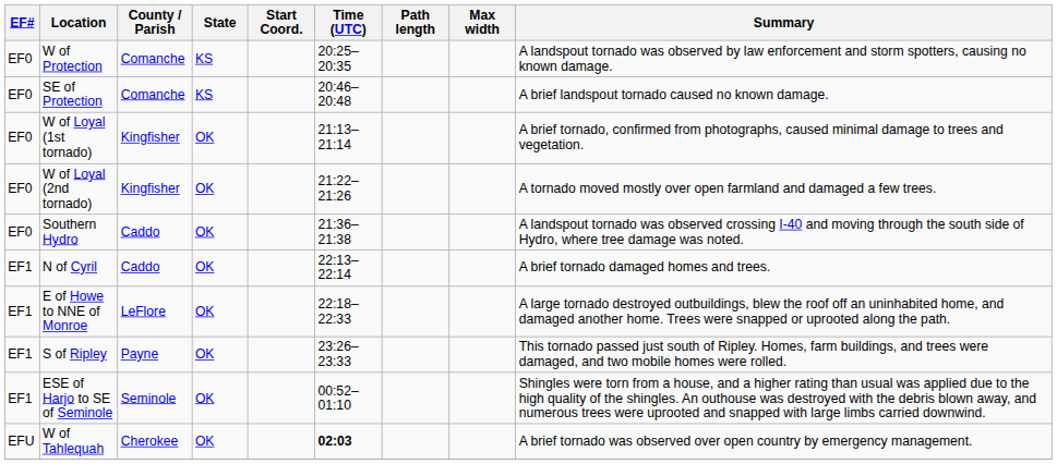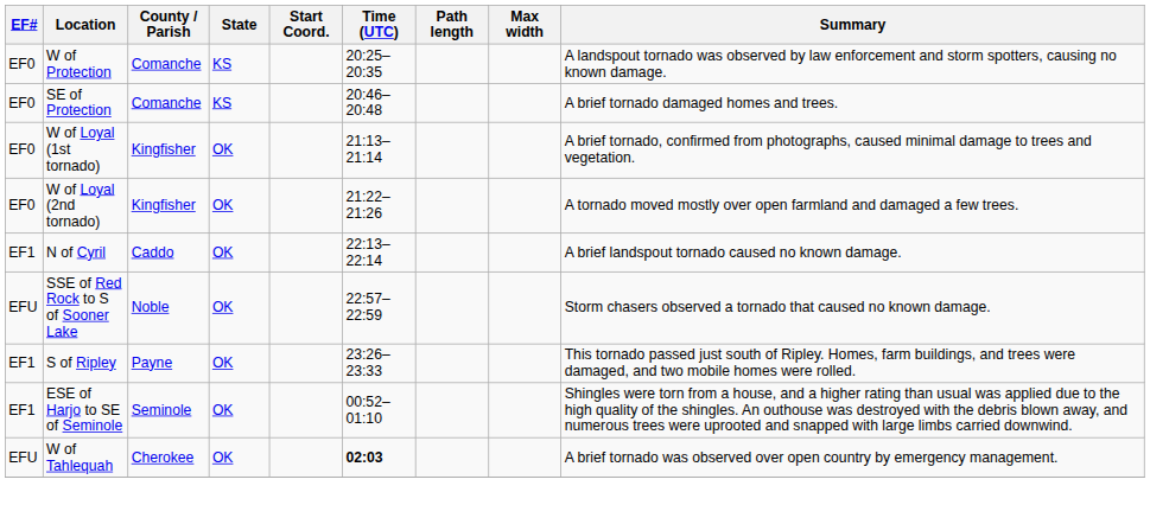 <table class="wikitable sortable" style="width:100%;">
 <tr>
 <th scope="col"  style="width:3%; text-align:center;"><a href='#'>EF#</a></th>
 <th scope="col"  style="width:7%; text-align:center;" class="unsortable">Location</th>
 <th scope="col"  style="width:6%; text-align:center;" class="unsortable">County / Parish</th>
 <th scope="col"  style="width:5%; text-align:center;">State</th>
 <th scope="col"  style="width:6%; text-align:center;">Start Coord.</th>
 <th scope="col"  style="width:6%; text-align:center;">Time (<a href='#'>UTC</a>)</th>
 <th scope="col"  style="width:6%; text-align:center;">Path length</th>
 <th scope="col"  style="width:6%; text-align:center;">Max width</th>
 <th scope="col" class="unsortable" style="width:48%; text-align:center;">Summary</th>
 </tr>
 <tr>
 <td>EF0</td>
 <td>W of <a href='#'>Protection</a></td>
 <td><a href='#'>Comanche</a></td>
 <td><a href='#'>KS</a></td>
 <td></td>
 <td>20:25–20:35</td>
 <td></td>
 <td></td>
 <td>A landspout tornado was observed by law enforcement and storm spotters, causing no known damage.</td>
 </tr>
 <tr>
 <td>EF0</td>
 <td>SE of <a href='#'>Protection</a></td>
 <td><a href='#'>Comanche</a></td>
 <td><a href='#'>KS</a></td>
 <td></td>
 <td>20:46–20:48</td>
 <td></td>
 <td></td>
-<td>A brief landspout tornado caused no known damage.</td>
+<td>A brief tornado damaged homes and trees.</td>
 </tr>
 <tr>
 <td>EF0</td>
 <td>W of <a href='#'>Loyal</a> (1st tornado)</td>
 <td><a href='#'>Kingfisher</a></td>
 <td><a href='#'>OK</a></td>
 <td></td>
 <td>21:13–21:14</td>
 <td></td>
 <td></td>
 <td>A brief tornado, confirmed from photographs, caused minimal damage to trees and vegetation.</td>
 </tr>
 <tr>
 <td>EF0</td>
 <td>W of <a href='#'>Loyal</a> (2nd tornado)</td>
 <td><a href='#'>Kingfisher</a></td>
 <td><a href='#'>OK</a></td>
 <td></td>
 <td>21:22–21:26</td>
 <td></td>
 <td></td>
 <td>A tornado moved mostly over open farmland and damaged a few trees.</td>
 </tr>
 <tr>
-<td>EF0</td>
-<td>Southern <a href='#'>Hydro</a></td>
-<td><a href='#'>Caddo</a></td>
-<td><a href='#'>OK</a></td>
-<td></td>
-<td>21:36–21:38</td>
-<td></td>
-<td></td>
-<td>A landspout tornado was observed crossing <a href='#'>I-40</a> and moving through the south side of Hydro, where tree damage was noted.</td>
-</tr>
-<tr>
 <td>EF1</td>
 <td>N of <a href='#'>Cyril</a></td>
 <td><a href='#'>Caddo</a></td>
 <td><a href='#'>OK</a></td>
 <td></td>
 <td>22:13–22:14</td>
 <td></td>
 <td></td>
-<td>A brief tornado damaged homes and trees.</td>
+<td>A brief landspout tornado caused no known damage.</td>
 </tr>
 <tr>
-<td>EF1</td>
-<td>E of <a href='#'>Howe</a> to NNE of <a href='#'>Monroe</a></td>
-<td><a href='#'>LeFlore</a></td>
+<td>EFU</td>
+<td>SSE of <a href='#'>Red Rock</a> to S of <a href='#'>Sooner Lake</a></td>
+<td><a href='#'>Noble</a></td>
 <td><a href='#'>OK</a></td>
 <td></td>
-<td>22:18–22:33</td>
+<td>22:57–22:59</td>
 <td></td>
 <td></td>
-<td>A large tornado destroyed outbuildings, blew the roof off an uninhabited home, and damaged another home. Trees were snapped or uprooted along the path.</td>
+<td>Storm chasers observed a tornado that caused no known damage.</td>
 </tr>
 <tr>
 <td>EF1</td>
 <td>S of <a href='#'>Ripley</a></td>
 <td><a href='#'>Payne</a></td>
 <td><a href='#'>OK</a></td>
 <td></td>
 <td>23:26–23:33</td>
 <td></td>
 <td></td>
 <td>This tornado passed just south of Ripley. Homes, farm buildings, and trees were damaged, and two mobile homes were rolled.</td>
 </tr>
 <tr>
 <td>EF1</td>
 <td>ESE of <a href='#'>Harjo</a> to SE of <a href='#'>Seminole</a></td>
 <td><a href='#'>Seminole</a></td>
 <td><a href='#'>OK</a></td>
 <td></td>
 <td>00:52–01:10</td>
 <td></td>
 <td></td>
 <td>Shingles were torn from a house, and a higher rating than usual was applied due to the high quality of the shingles. An outhouse was destroyed with the debris blown away, and numerous trees were uprooted and snapped with large limbs carried downwind.</td>
 </tr>
 <tr>
 <td>EFU</td>
 <td>W of <a href='#'>Tahlequah</a></td>
 <td><a href='#'>Cherokee</a></td>
 <td><a href='#'>OK</a></td>
 <td></td>
 <td><strong>02:03</strong></td>
 <td></td>
 <td></td>
 <td>A brief tornado was observed over open country by emergency management.</td>
 </tr>
 <tr>
 </tr>
 </table>
